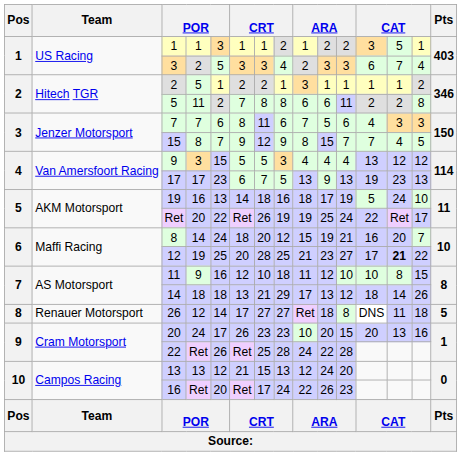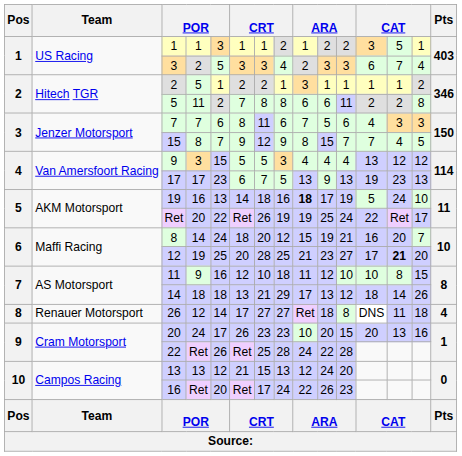 <table class="wikitable" style="font-size:85%; text-align:center">
 <tr>
 <th>Pos</th>
 <th>Team</th>
 <th colspan="3"><br><a href='#'>POR</a></th>
 <th colspan="3"><br><a href='#'>CRT</a></th>
 <th colspan="3"><br><a href='#'>ARA</a></th>
 <th colspan="3"><br><a href='#'>CAT</a></th>
 <th>Pts</th>
 </tr>
 <tr>
 <th rowspan="2">1</th>
 <td rowspan="2" align="left"> <a href='#'>US Racing</a></td>
 <td style="background:#ffffbf;">1</td>
 <td style="background:#ffffbf;">1</td>
 <td style="background:#ffdf9f;">3</td>
 <td style="background:#ffffbf;">1</td>
 <td style="background:#ffffbf;">1</td>
 <td style="background:#dfdfdf;">2</td>
 <td style="background:#ffffbf;">1</td>
 <td style="background:#dfdfdf;">2</td>
 <td style="background:#dfdfdf;">2</td>
 <td style="background:#ffdf9f;">3</td>
 <td style="background:#dfffdf;">5</td>
 <td style="background:#ffffbf;">1</td>
 <th rowspan="2">403</th>
 </tr>
 <tr>
 <td style="background:#ffdf9f;">3</td>
 <td style="background:#dfdfdf;">2</td>
 <td style="background:#dfffdf;">5</td>
 <td style="background:#ffdf9f;">3</td>
 <td style="background:#ffdf9f;">3</td>
 <td style="background:#dfffdf;">4</td>
 <td style="background:#dfdfdf;">2</td>
 <td style="background:#ffdf9f;">3</td>
 <td style="background:#ffdf9f;">3</td>
 <td style="background:#dfffdf;">6</td>
 <td style="background:#dfffdf;">7</td>
 <td style="background:#dfffdf;">4</td>
 </tr>
 <tr>
 <th rowspan="2">2</th>
 <td rowspan="2" align="left"> <a href='#'>Hitech</a> <a href='#'>TGR</a></td>
 <td style="background:#dfdfdf;">2</td>
 <td style="background:#dfffdf;">5</td>
 <td style="background:#ffffbf;">1</td>
 <td style="background:#dfdfdf;">2</td>
 <td style="background:#dfdfdf;">2</td>
 <td style="background:#ffffbf;">1</td>
 <td style="background:#ffdf9f;">3</td>
 <td style="background:#ffffbf;">1</td>
 <td style="background:#ffffbf;">1</td>
 <td style="background:#ffffbf;">1</td>
 <td style="background:#ffffbf;">1</td>
 <td style="background:#dfdfdf;">2</td>
 <th rowspan="2">346</th>
 </tr>
 <tr>
 <td style="background:#dfffdf;">5</td>
 <td style="background:#dfffdf;">11</td>
 <td style="background:#dfdfdf;">2</td>
 <td style="background:#dfffdf;">7</td>
 <td style="background:#dfffdf;">8</td>
 <td style="background:#dfffdf;">8</td>
 <td style="background:#dfffdf;">6</td>
 <td style="background:#dfffdf;">6</td>
 <td style="background:#cfcfff;">11</td>
 <td style="background:#dfdfdf;">2</td>
 <td style="background:#dfdfdf;">2</td>
 <td style="background:#dfffdf;">8</td>
 </tr>
 <tr>
 <th rowspan="2">3</th>
 <td rowspan="2" align="left"> <a href='#'>Jenzer Motorsport</a></td>
 <td style="background:#dfffdf;">7</td>
 <td style="background:#dfffdf;">7</td>
 <td style="background:#dfffdf;">6</td>
 <td style="background:#dfffdf;">8</td>
 <td style="background:#cfcfff;">11</td>
 <td style="background:#dfffdf;">6</td>
 <td style="background:#dfffdf;">7</td>
 <td style="background:#dfffdf;">5</td>
 <td style="background:#dfffdf;">6</td>
 <td style="background:#dfffdf;">4</td>
 <td style="background:#ffdf9f;">3</td>
 <td style="background:#ffdf9f;">3</td>
 <th rowspan="2">150</th>
 </tr>
 <tr>
 <td style="background:#cfcfff;">15</td>
 <td style="background:#dfffdf;">8</td>
 <td style="background:#dfffdf;">7</td>
 <td style="background:#dfffdf;">9</td>
 <td style="background:#cfcfff;">12</td>
 <td style="background:#dfffdf;">9</td>
 <td style="background:#dfffdf;">8</td>
 <td style="background:#cfcfff;">15</td>
 <td style="background:#dfffdf;">7</td>
 <td style="background:#dfffdf;">7</td>
 <td style="background:#dfffdf;">4</td>
 <td style="background:#dfffdf;">5</td>
 </tr>
 <tr>
 <th rowspan="2">4</th>
 <td rowspan="2" align="left"> <a href='#'>Van Amersfoort Racing</a></td>
 <td style="background:#dfffdf;">9</td>
 <td style="background:#ffdf9f;">3</td>
 <td style="background:#cfcfff;">15</td>
 <td style="background:#dfffdf;">5</td>
 <td style="background:#dfffdf;">5</td>
 <td style="background:#ffdf9f;">3</td>
 <td style="background:#dfffdf;">4</td>
 <td style="background:#dfffdf;">4</td>
 <td style="background:#dfffdf;">4</td>
 <td style="background:#cfcfff;">13</td>
 <td style="background:#cfcfff;">12</td>
 <td style="background:#cfcfff;">12</td>
 <th rowspan="2">114</th>
 </tr>
 <tr>
 <td style="background:#cfcfff;">17</td>
 <td style="background:#cfcfff;">17</td>
 <td style="background:#cfcfff;">23</td>
 <td style="background:#dfffdf;">6</td>
 <td style="background:#dfffdf;">7</td>
 <td style="background:#dfffdf;">5</td>
 <td style="background:#cfcfff;">13</td>
 <td style="background:#dfffdf;">9</td>
 <td style="background:#cfcfff;">13</td>
 <td style="background:#cfcfff;">19</td>
 <td style="background:#cfcfff;">23</td>
 <td style="background:#cfcfff;">13</td>
 </tr>
 <tr>
 <th rowspan="2">5</th>
 <td rowspan="2" align="left"> AKM Motorsport</td>
 <td style="background:#cfcfff;">19</td>
 <td style="background:#cfcfff;">16</td>
 <td style="background:#cfcfff;">13</td>
 <td style="background:#cfcfff;">14</td>
 <td style="background:#cfcfff;">18</td>
 <td style="background:#cfcfff;">16</td>
-<td style="background:#cfcfff;">18</td>
+<td style="background:#cfcfff;"><strong>18</strong></td>
 <td style="background:#cfcfff;">17</td>
 <td style="background:#cfcfff;">19</td>
 <td style="background:#dfffdf;">5</td>
 <td style="background:#cfcfff;">24</td>
 <td style="background:#dfffdf;">10</td>
 <th rowspan="2">11</th>
 </tr>
 <tr>
 <td style="background:#efcfff;">Ret</td>
 <td style="background:#cfcfff;">20</td>
 <td style="background:#cfcfff;">22</td>
 <td style="background:#efcfff;">Ret</td>
 <td style="background:#cfcfff;">26</td>
 <td style="background:#cfcfff;">19</td>
 <td style="background:#cfcfff;">19</td>
 <td style="background:#cfcfff;">25</td>
 <td style="background:#cfcfff;">24</td>
 <td style="background:#cfcfff;">22</td>
 <td style="background:#efcfff;">Ret</td>
 <td style="background:#cfcfff;">17</td>
 </tr>
 <tr>
 <th rowspan="2">6</th>
 <td rowspan="2" align="left"> Maffi Racing</td>
 <td style="background:#dfffdf;">8</td>
 <td style="background:#cfcfff;">14</td>
 <td style="background:#cfcfff;">24</td>
 <td style="background:#cfcfff;">18</td>
 <td style="background:#cfcfff;">20</td>
 <td style="background:#cfcfff;">12</td>
 <td style="background:#cfcfff;">15</td>
 <td style="background:#cfcfff;">19</td>
 <td style="background:#cfcfff;">21</td>
 <td style="background:#cfcfff;">16</td>
 <td style="background:#cfcfff;">20</td>
 <td style="background:#dfffdf;">7</td>
 <th rowspan="2">10</th>
 </tr>
 <tr>
 <td style="background:#cfcfff;">12</td>
 <td style="background:#cfcfff;">19</td>
 <td style="background:#cfcfff;">25</td>
 <td style="background:#cfcfff;">20</td>
 <td style="background:#cfcfff;">28</td>
 <td style="background:#cfcfff;">25</td>
 <td style="background:#cfcfff;">21</td>
 <td style="background:#cfcfff;">23</td>
 <td style="background:#cfcfff;">27</td>
 <td style="background:#cfcfff;">17</td>
 <td style="background:#cfcfff;"><strong>21</strong></td>
-<td style="background:#cfcfff;">22</td>
+<td style="background:#cfcfff;">20</td>
 </tr>
 <tr>
 <th rowspan="2">7</th>
 <td rowspan="2" align="left"> AS Motorsport</td>
 <td style="background:#cfcfff;">11</td>
 <td style="background:#dfffdf;">9</td>
 <td style="background:#cfcfff;">16</td>
 <td style="background:#cfcfff;">12</td>
 <td style="background:#cfcfff;">10</td>
 <td style="background:#cfcfff;">18</td>
 <td style="background:#cfcfff;">11</td>
 <td style="background:#cfcfff;">12</td>
 <td style="background:#dfffdf;">10</td>
 <td style="background:#dfffdf;">10</td>
 <td style="background:#dfffdf;">8</td>
 <td style="background:#cfcfff;">15</td>
 <th rowspan="2">8</th>
 </tr>
 <tr>
 <td style="background:#cfcfff;">14</td>
 <td style="background:#cfcfff;">18</td>
 <td style="background:#cfcfff;">18</td>
 <td style="background:#cfcfff;">13</td>
 <td style="background:#cfcfff;">21</td>
 <td style="background:#cfcfff;">29</td>
 <td style="background:#cfcfff;">17</td>
 <td style="background:#cfcfff;">13</td>
 <td style="background:#cfcfff;">12</td>
 <td style="background:#cfcfff;">18</td>
 <td style="background:#cfcfff;">14</td>
 <td style="background:#cfcfff;">26</td>
 </tr>
 <tr>
 <th>8</th>
 <td align="left"> Renauer Motorsport</td>
 <td style="background:#cfcfff;">26</td>
 <td style="background:#cfcfff;">12</td>
 <td style="background:#cfcfff;">14</td>
 <td style="background:#cfcfff;">17</td>
 <td style="background:#cfcfff;">27</td>
 <td style="background:#cfcfff;">27</td>
 <td style="background:#efcfff;">Ret</td>
 <td style="background:#cfcfff;">18</td>
 <td style="background:#dfffdf;">8</td>
 <td style="background:#ffffff;">DNS</td>
 <td style="background:#cfcfff;">11</td>
 <td style="background:#cfcfff;">18</td>
-<th>5</th>
+<th>4</th>
 </tr>
 <tr>
 <th rowspan="2">9</th>
 <td rowspan="2" align="left"> <a href='#'>Cram Motorsport</a></td>
 <td style="background:#cfcfff;">20</td>
 <td style="background:#cfcfff;">24</td>
 <td style="background:#cfcfff;">17</td>
 <td style="background:#cfcfff;">26</td>
 <td style="background:#cfcfff;">23</td>
 <td style="background:#cfcfff;">23</td>
 <td style="background:#dfffdf;">10</td>
 <td style="background:#cfcfff;">20</td>
 <td style="background:#cfcfff;">15</td>
 <td style="background:#cfcfff;">20</td>
 <td style="background:#cfcfff;">13</td>
 <td style="background:#cfcfff;">16</td>
 <th rowspan="2">1</th>
 </tr>
 <tr>
 <td style="background:#cfcfff;">22</td>
 <td style="background:#efcfff;">Ret</td>
 <td style="background:#cfcfff;">26</td>
 <td style="background:#efcfff;">Ret</td>
 <td style="background:#cfcfff;">25</td>
 <td style="background:#cfcfff;">28</td>
 <td style="background:#cfcfff;">24</td>
 <td style="background:#cfcfff;">22</td>
 <td style="background:#cfcfff;">28</td>
 <td></td>
 <td></td>
 <td></td>
 </tr>
 <tr>
 <th rowspan="2">10</th>
 <td rowspan="2" align="left"> <a href='#'>Campos Racing</a></td>
 <td style="background:#cfcfff;">13</td>
 <td style="background:#cfcfff;">13</td>
 <td style="background:#cfcfff;">12</td>
 <td style="background:#cfcfff;">21</td>
 <td style="background:#cfcfff;">15</td>
 <td style="background:#cfcfff;">13</td>
 <td style="background:#cfcfff;">12</td>
 <td style="background:#cfcfff;">24</td>
 <td style="background:#cfcfff;">20</td>
 <td></td>
 <td></td>
 <td></td>
 <th rowspan="2">0</th>
 </tr>
 <tr>
 <td style="background:#cfcfff;">16</td>
 <td style="background:#efcfff;">Ret</td>
 <td style="background:#cfcfff;">20</td>
 <td style="background:#efcfff;">Ret</td>
 <td style="background:#cfcfff;">17</td>
 <td style="background:#cfcfff;">24</td>
 <td style="background:#cfcfff;">22</td>
 <td style="background:#cfcfff;">26</td>
 <td style="background:#cfcfff;">23</td>
 <td></td>
 <td></td>
 <td></td>
 </tr>
 <tr>
 <th>Pos</th>
 <th>Team</th>
 <th colspan="3"><br><a href='#'>POR</a></th>
 <th colspan="3"><br><a href='#'>CRT</a></th>
 <th colspan="3"><br><a href='#'>ARA</a></th>
 <th colspan="3"><br><a href='#'>CAT</a></th>
 <th>Pts</th>
 </tr>
 <tr>
 <th colspan="15">Source:</th>
 </tr>
 </table>
